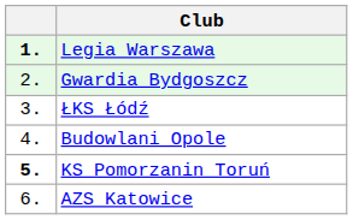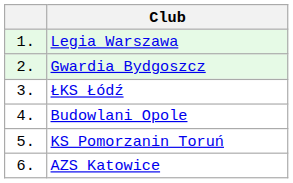 <table class="wikitable">
 <tr>
 <th width="30"></th>
 <th width="200">Club</th>
 </tr>
 <tr bgcolor="#e6fae6" align="center">
-<td><strong>1.</strong></td>
+<td>1.</td>
 <td align="left"><a href='#'>Legia Warszawa</a></td>
 </tr>
 <tr bgcolor="#e6fae6" align="center">
 <td>2.</td>
 <td align="left"><a href='#'>Gwardia Bydgoszcz</a></td>
 </tr>
 <tr bgcolor="#FFFFFF" align="center">
 <td>3.</td>
 <td align="left"><a href='#'>ŁKS Łódź</a></td>
 </tr>
 <tr bgcolor="#FFFFFF" align="center">
 <td>4.</td>
 <td align="left"><a href='#'>Budowlani Opole</a></td>
 </tr>
 <tr bgcolor="#FFFFFF" align="center">
-<td><strong>5.</strong></td>
+<td>5.</td>
 <td align="left"><a href='#'>KS Pomorzanin Toruń</a></td>
 </tr>
 <tr bgcolor="#FFFFFF" align="center">
 <td>6.</td>
 <td align="left"><a href='#'>AZS Katowice</a></td>
 </tr>
 </table>
